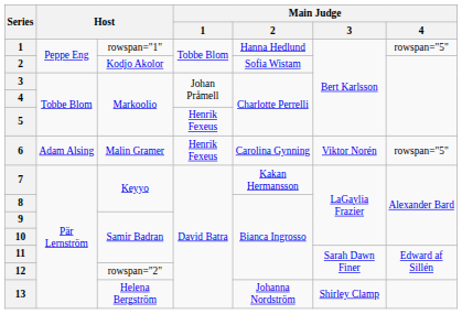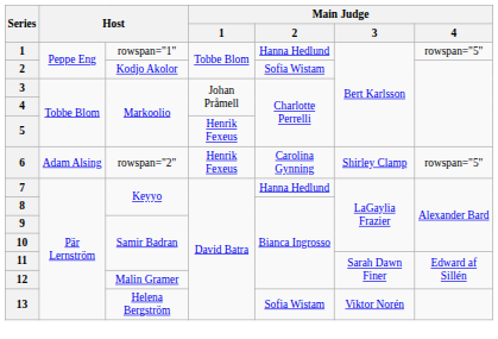 <table class="wikitable" style="text-align:center; font-size:90%; width: 50%;">
 <tr>
 <th rowspan=2>Series</th>
 <th colspan="2" rowspan="2">Host</th>
 <th colspan="4">Main Judge</th>
 </tr>
 <tr>
 <th>1</th>
 <th>2</th>
 <th>3</th>
 <th>4</th>
 </tr>
 <tr>
 <th scope="row">1</th>
 <td rowspan="2"><a href='#'>Peppe Eng</a></td>
 <td>rowspan="1"  </td>
 <td rowspan="2"><a href='#'>Tobbe Blom</a></td>
 <td rowspan="1"><a href='#'>Hanna Hedlund</a></td>
 <td rowspan="5"><a href='#'>Bert Karlsson</a></td>
 <td>rowspan="5"  </td>
 </tr>
 <tr>
 <th scope="row">2</th>
 <td rowspan="1"><a href='#'>Kodjo Akolor</a></td>
 <td rowspan="1"><a href='#'>Sofia Wistam</a></td>
 </tr>
 <tr>
 <th scope="row">3</th>
 <td rowspan="3"><a href='#'>Tobbe Blom</a></td>
 <td rowspan="3"><a href='#'>Markoolio</a></td>
 <td rowspan="2">Johan Pråmell</td>
 <td rowspan="3"><a href='#'>Charlotte Perrelli</a></td>
 </tr>
 <tr>
 <th scope="row">4</th>
 </tr>
 <tr>
 <th scope="row">5</th>
 <td rowspan="1"><a href='#'>Henrik Fexeus</a></td>
 </tr>
 <tr>
 <th scope="row">6</th>
 <td rowspan="1"><a href='#'>Adam Alsing</a></td>
-<td rowspan="1"><a href='#'>Malin Gramer</a></td>
+<td>rowspan="2"  </td>
 <td rowspan="1"><a href='#'>Henrik Fexeus</a></td>
 <td rowspan="1"><a href='#'>Carolina Gynning</a></td>
-<td rowspan="1"><a href='#'>Viktor Norén</a></td>
+<td rowspan="1"><a href='#'>Shirley Clamp</a></td>
 <td>rowspan="5"  </td>
 </tr>
 <tr>
 <th scope="row">7</th>
 <td rowspan="7"><a href='#'>Pär Lernström</a></td>
 <td rowspan="2"><a href='#'>Keyyo</a></td>
 <td rowspan="7"><a href='#'>David Batra</a></td>
-<td rowspan="1"><a href='#'>Kakan Hermansson</a></td>
+<td rowspan="1"><a href='#'>Hanna Hedlund</a></td>
 <td rowspan="4"><a href='#'>LaGaylia Frazier</a></td>
 <td rowspan="4"><a href='#'>Alexander Bard</a></td>
 </tr>
 <tr>
 <th scope="row">8</th>
 <td rowspan="5"><a href='#'>Bianca Ingrosso</a></td>
 </tr>
 <tr>
 <th scope="row">9</th>
 <td rowspan="3"><a href='#'>Samir Badran</a></td>
 </tr>
 <tr>
 <th scope="row">10</th>
 </tr>
 <tr>
 <th scope="row">11</th>
 <td rowspan="2"><a href='#'>Sarah Dawn Finer</a></td>
 <td rowspan="2"><a href='#'>Edward af Sillén</a></td>
 </tr>
 <tr>
 <th scope="row">12</th>
-<td>rowspan="2"  </td>
+<td rowspan="1"><a href='#'>Malin Gramer</a></td>
 </tr>
 <tr>
 <th scope="row">13</th>
 <td rowspan="1"><a href='#'>Helena Bergström</a></td>
-<td rowspan="1"><a href='#'>Johanna Nordström</a></td>
-<td rowspan="1"><a href='#'>Shirley Clamp</a></td>
+<td rowspan="1"><a href='#'>Sofia Wistam</a></td>
+<td rowspan="1"><a href='#'>Viktor Norén</a></td>
 </tr>
 </table>
